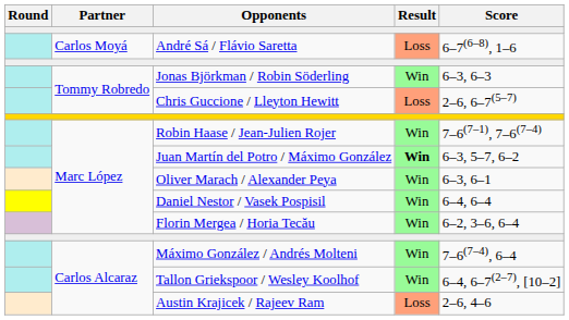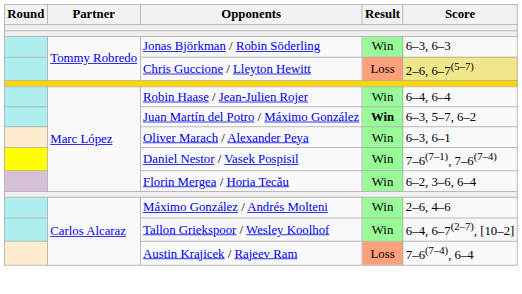 <table class="wikitable nowrap">
 <tr>
 <th>Round</th>
 <th>Partner</th>
 <th>Opponents</th>
 <th>Result</th>
 <th>Score</th>
 </tr>
 <tr bgcolor="efefef" class="sortbottom">
 <td colspan=5></td>
-</tr>
-<tr>
-<td bgcolor=afeeee></td>
-<td><a href='#'>Carlos Moyá</a></td>
-<td> <a href='#'>André Sá</a> / <a href='#'>Flávio Saretta</a></td>
-<td bgcolor=#FFA07A style="text-align:center;">Loss</td>
-<td>6–7<sup>(6–8)</sup>, 1–6</td>
 </tr>
 <tr bgcolor="efefef" class="sortbottom">
 <td colspan=5></td>
 </tr>
 <tr>
 <td bgcolor=afeeee></td>
 <td rowspan=2><a href='#'>Tommy Robredo</a></td>
 <td> <a href='#'>Jonas Björkman</a> / <a href='#'>Robin Söderling</a></td>
 <td bgcolor=#98FB98 style="text-align:center;">Win</td>
 <td>6–3, 6–3</td>
 </tr>
 <tr>
 <td bgcolor=afeeee></td>
 <td> <a href='#'>Chris Guccione</a> / <a href='#'>Lleyton Hewitt</a></td>
 <td bgcolor=#FFA07A style="text-align:center;">Loss</td>
-<td>2–6, 6–7<sup>(5–7)</sup></td>
+<td style="background: khaki;">2–6, 6–7<sup>(5–7)</sup></td>
 </tr>
 <tr bgcolor="efefef" class="sortbottom">
 <td colspan=5 bgcolor=gold></td>
 </tr>
 <tr>
 <td bgcolor=afeeee></td>
 <td rowspan=5><a href='#'>Marc López</a></td>
 <td> <a href='#'>Robin Haase</a> / <a href='#'>Jean-Julien Rojer</a></td>
 <td bgcolor=#98FB98 style="text-align:center;">Win</td>
-<td>7–6<sup>(7–1)</sup>, 7–6<sup>(7–4)</sup></td>
+<td>6–4, 6–4</td>
 </tr>
 <tr>
 <td bgcolor=afeeee></td>
 <td> <a href='#'>Juan Martín del Potro</a> / <a href='#'>Máximo González</a></td>
 <td bgcolor=#98FB98 style="text-align:center;"><strong>Win</strong></td>
 <td>6–3, 5–7, 6–2</td>
 </tr>
 <tr>
 <td bgcolor=ffebcd></td>
 <td> <a href='#'>Oliver Marach</a> / <a href='#'>Alexander Peya</a></td>
 <td bgcolor=#98FB98 style="text-align:center;">Win</td>
 <td>6–3, 6–1</td>
 </tr>
 <tr>
 <td bgcolor=yellow></td>
 <td> <a href='#'>Daniel Nestor</a> / <a href='#'>Vasek Pospisil</a></td>
 <td bgcolor=#98FB98 style="text-align:center;">Win</td>
-<td>6–4, 6–4</td>
+<td>7–6<sup>(7–1)</sup>, 7–6<sup>(7–4)</sup></td>
 </tr>
 <tr>
 <td bgcolor=thistle></td>
 <td> <a href='#'>Florin Mergea</a> / <a href='#'>Horia Tecău</a></td>
 <td bgcolor=#98FB98 style="text-align:center;">Win</td>
 <td>6–2, 3–6, 6–4</td>
 </tr>
 <tr bgcolor="efefef" class="sortbottom">
 <td colspan=5></td>
 </tr>
 <tr>
 <td bgcolor=afeeee></td>
 <td rowspan=3><a href='#'>Carlos Alcaraz</a></td>
 <td> <a href='#'>Máximo González</a> / <a href='#'>Andrés Molteni</a></td>
 <td bgcolor=#98FB98 style="text-align:center;">Win</td>
-<td>7–6<sup>(7–4)</sup>, 6–4</td>
+<td>2–6, 4–6</td>
 </tr>
 <tr>
 <td bgcolor=afeeee></td>
 <td> <a href='#'>Tallon Griekspoor</a> / <a href='#'>Wesley Koolhof</a></td>
 <td bgcolor=#98FB98 style="text-align:center;">Win</td>
 <td>6–4, 6–7<sup>(2–7)</sup>, [10–2]</td>
 </tr>
 <tr>
 <td bgcolor=ffebcd></td>
 <td> <a href='#'>Austin Krajicek</a> / <a href='#'>Rajeev Ram</a></td>
 <td bgcolor=#FFA07A style="text-align:center;">Loss</td>
-<td>2–6, 4–6</td>
+<td>7–6<sup>(7–4)</sup>, 6–4</td>
 </tr>
 </table>
